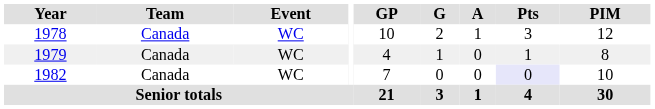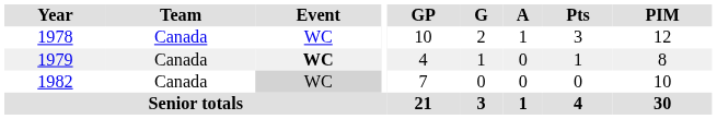 <table border="0" cellpadding="1" cellspacing="0" ID="Table3" style="text-align:center; width:40em">
 <tr bgcolor="#e0e0e0">
 <th>Year</th>
 <th>Team</th>
 <th>Event</th>
 <th rowspan="102" bgcolor="#ffffff"></th>
 <th>GP</th>
 <th>G</th>
 <th>A</th>
 <th>Pts</th>
 <th>PIM</th>
 </tr>
 <tr>
 <td><a href='#'>1978</a></td>
 <td><a href='#'>Canada</a></td>
 <td><a href='#'>WC</a></td>
 <td>10</td>
 <td>2</td>
 <td>1</td>
 <td>3</td>
 <td>12</td>
 </tr>
 <tr bgcolor="#f0f0f0">
 <td><a href='#'>1979</a></td>
 <td>Canada</td>
-<td>WC</td>
+<td><strong>WC</strong></td>
 <td>4</td>
 <td>1</td>
 <td>0</td>
 <td>1</td>
 <td>8</td>
 </tr>
 <tr>
 <td><a href='#'>1982</a></td>
 <td>Canada</td>
-<td>WC</td>
+<td style="background: lightgrey;">WC</td>
 <td>7</td>
 <td>0</td>
 <td>0</td>
-<td style="background: lavender;">0</td>
+<td>0</td>
 <td>10</td>
 </tr>
 <tr bgcolor="#e0e0e0">
 <th colspan="4">Senior totals</th>
 <th>21</th>
 <th>3</th>
 <th>1</th>
 <th>4</th>
 <th>30</th>
 </tr>
 </table>
